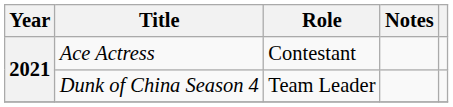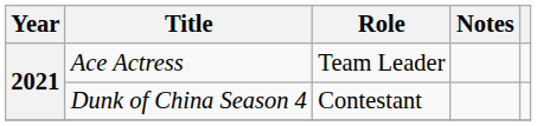 <table class="wikitable sortable plainrowheaders">
 <tr>
 <th scope="col">Year</th>
 <th scope="col">Title</th>
 <th scope="col">Role</th>
 <th scope="col">Notes</th>
 <th scope="col" class="unsortable"></th>
 </tr>
 <tr>
 <th scope="row" rowspan="2">2021</th>
 <td><em>Ace Actress</em></td>
-<td>Contestant</td>
+<td>Team Leader</td>
 <td></td>
 <td></td>
 </tr>
 <tr>
 <td><em>Dunk of China Season 4</em></td>
-<td>Team Leader</td>
+<td>Contestant</td>
 <td></td>
 <td></td>
 </tr>
 <tr>
 </tr>
 </table>
